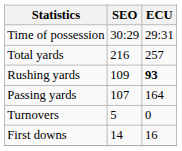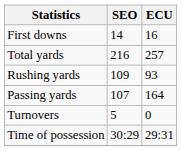 <table class="wikitable" style="float: left;">
 <tr>
 <th>Statistics</th>
 <th>SEO</th>
 <th>ECU</th>
 </tr>
 <tr>
-<td>Time of possession</td>
-<td>30:29</td>
-<td>29:31</td>
+<td>First downs</td>
+<td>14</td>
+<td>16</td>
 </tr>
 <tr>
 <td>Total yards</td>
 <td>216</td>
 <td>257</td>
 </tr>
 <tr>
 <td>Rushing yards</td>
 <td>109</td>
-<td><strong>93</strong></td>
+<td>93</td>
 </tr>
 <tr>
 <td>Passing yards</td>
 <td>107</td>
 <td>164</td>
 </tr>
 <tr>
 <td>Turnovers</td>
 <td>5</td>
 <td>0</td>
 </tr>
 <tr>
-<td>First downs</td>
-<td>14</td>
-<td>16</td>
+<td>Time of possession</td>
+<td>30:29</td>
+<td>29:31</td>
 </tr>
 <tr>
 </tr>
 </table>
